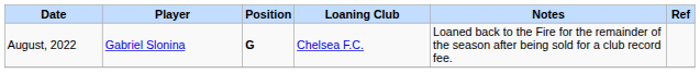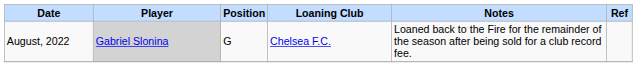 <table class="wikitable" style="text-align:left; font-size:95%;">
 <tr>
 <th style="background:#c2ddff; width:120px;">Date</th>
 <th style="background:#c2ddff; width:175px;">Player</th>
 <th style="background:#c2ddff; width:50px;">Position</th>
 <th style="background:#c2ddff; width:170px;">Loaning Club</th>
 <th style="background:#c2ddff; width:300px;">Notes</th>
 <th style="background:#c2ddff; width:30px;">Ref</th>
 </tr>
 <tr>
 <td>August, 2022</td>
-<td> <a href='#'>Gabriel Slonina</a></td>
-<td><strong>G</strong></td>
+<td style="background: lightgrey;"> <a href='#'>Gabriel Slonina</a></td>
+<td>G</td>
 <td> <a href='#'>Chelsea F.C.</a></td>
 <td>Loaned back to the Fire for the remainder of the season after being sold for a club record fee.</td>
 <td></td>
 </tr>
 <tr>
 </tr>
 </table>
